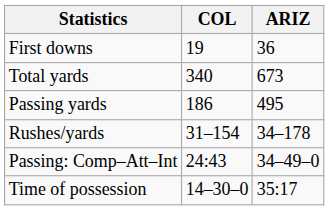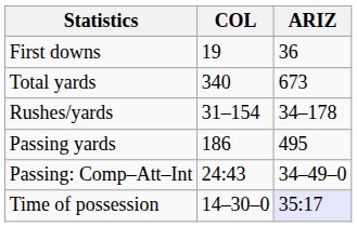 <table class="wikitable" style="float: left;">
 <tr>
 <th>Statistics</th>
 <th>COL</th>
 <th>ARIZ</th>
 </tr>
 <tr>
 <td>First downs</td>
 <td>19</td>
 <td>36</td>
 </tr>
 <tr>
 <td>Total yards</td>
 <td>340</td>
 <td>673</td>
 </tr>
 <tr>
+<td>Rushes/yards</td>
+<td>31–154</td>
+<td>34–178</td>
+</tr>
+<tr>
 <td>Passing yards</td>
 <td>186</td>
 <td>495</td>
-</tr>
-<tr>
-<td>Rushes/yards</td>
-<td>31–154</td>
-<td>34–178</td>
 </tr>
 <tr>
 <td>Passing: Comp–Att–Int</td>
 <td>24:43</td>
 <td>34–49–0</td>
 </tr>
 <tr>
 <td>Time of possession</td>
 <td>14–30–0</td>
-<td>35:17</td>
+<td style="background: lavender;">35:17</td>
 </tr>
 </table>
